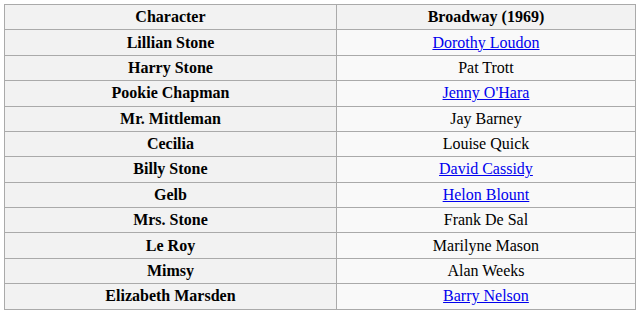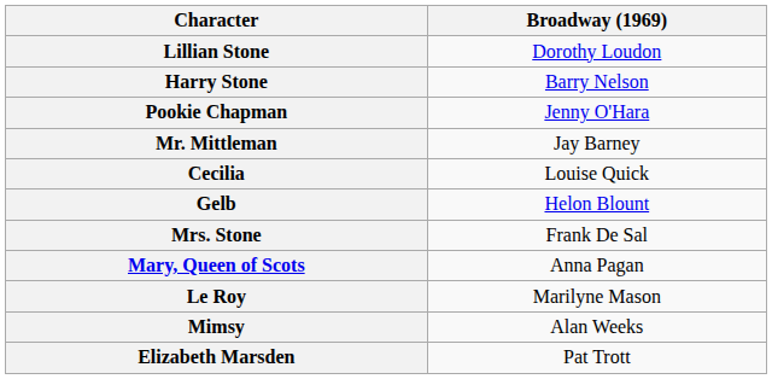 <table class="wikitable" style="width:50%; text-align:center">
 <tr>
 <th scope="col">Character</th>
 <th>Broadway (1969)</th>
 </tr>
 <tr>
 <th>Lillian Stone</th>
 <td colspan="1"><a href='#'>Dorothy Loudon</a></td>
 </tr>
 <tr>
 <th>Harry Stone</th>
-<td colspan="1">Pat Trott</td>
+<td colspan="1”"><a href='#'>Barry Nelson</a></td>
 </tr>
 <tr>
 <th>Pookie Chapman</th>
 <td colspan="1”"><a href='#'>Jenny O'Hara</a></td>
 </tr>
 <tr>
 <th>Mr. Mittleman</th>
 <td colspan="1">Jay Barney</td>
 </tr>
 <tr>
 <th>Cecilia</th>
 <td colspan="1">Louise Quick</td>
 </tr>
 <tr>
-<th>Billy Stone</th>
-<td colspan="1"><a href='#'>David Cassidy</a></td>
-</tr>
-<tr>
 <th>Gelb</th>
 <td colspan="1"><a href='#'>Helon Blount</a></td>
 </tr>
 <tr>
 <th>Mrs. Stone</th>
 <td colspan="1">Frank De Sal</td>
+</tr>
+<tr>
+<th><a href='#'>Mary, Queen of Scots</a></th>
+<td colspan="1">Anna Pagan</td>
 </tr>
 <tr>
 <th>Le Roy</th>
 <td colspan="1">Marilyne Mason</td>
 </tr>
 <tr>
 <th>Mimsy</th>
 <td colspan="1">Alan Weeks</td>
 </tr>
 <tr>
 <th>Elizabeth Marsden</th>
-<td colspan="1”"><a href='#'>Barry Nelson</a></td>
+<td colspan="1">Pat Trott</td>
 </tr>
 </table>
